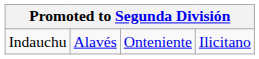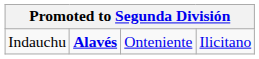 <table class="wikitable" style="text-align: center; margin: 0 auto;">
 <tr>
 <th colspan="4">Promoted to <a href='#'>Segunda División</a></th>
 </tr>
 <tr>
 <td>Indauchu</td>
-<td><a href='#'>Alavés</a></td>
+<td><strong><a href='#'>Alavés</a></strong></td>
 <td><a href='#'>Onteniente</a></td>
 <td><a href='#'>Ilicitano</a></td>
 </tr>
 </table>
